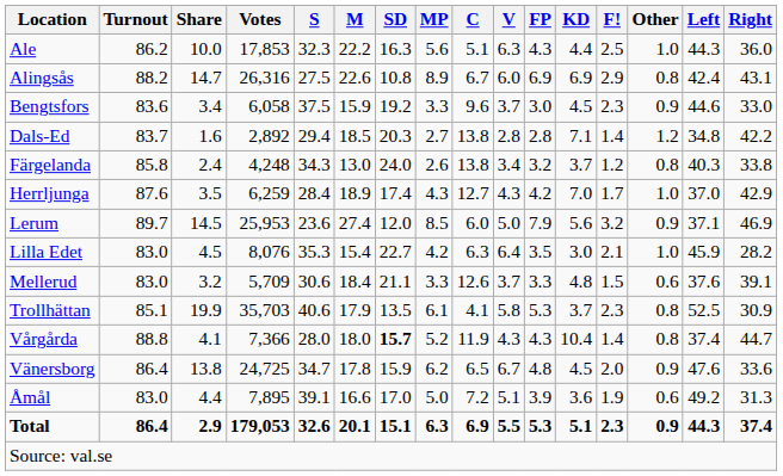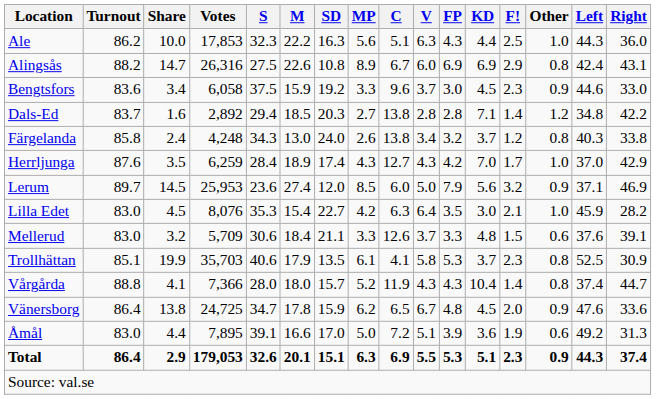 <table class="wikitable sortable" style=text-align:right>
 <tr>
 <th>Location</th>
 <th>Turnout</th>
 <th>Share</th>
 <th>Votes</th>
 <th><a href='#'>S</a></th>
 <th><a href='#'>M</a></th>
 <th><a href='#'>SD</a></th>
 <th><a href='#'>MP</a></th>
 <th><a href='#'>C</a></th>
 <th><a href='#'>V</a></th>
 <th><a href='#'>FP</a></th>
 <th><a href='#'>KD</a></th>
 <th><a href='#'>F!</a></th>
 <th>Other</th>
 <th><a href='#'>Left</a></th>
 <th><a href='#'>Right</a></th>
 </tr>
 <tr>
 <td align=left><a href='#'>Ale</a></td>
 <td>86.2</td>
 <td>10.0</td>
 <td>17,853</td>
 <td>32.3</td>
 <td>22.2</td>
 <td>16.3</td>
 <td>5.6</td>
 <td>5.1</td>
 <td>6.3</td>
 <td>4.3</td>
 <td>4.4</td>
 <td>2.5</td>
 <td>1.0</td>
 <td>44.3</td>
 <td>36.0</td>
 </tr>
 <tr>
 <td align=left><a href='#'>Alingsås</a></td>
 <td>88.2</td>
 <td>14.7</td>
 <td>26,316</td>
 <td>27.5</td>
 <td>22.6</td>
 <td>10.8</td>
 <td>8.9</td>
 <td>6.7</td>
 <td>6.0</td>
 <td>6.9</td>
 <td>6.9</td>
 <td>2.9</td>
 <td>0.8</td>
 <td>42.4</td>
 <td>43.1</td>
 </tr>
 <tr>
 <td align=left><a href='#'>Bengtsfors</a></td>
 <td>83.6</td>
 <td>3.4</td>
 <td>6,058</td>
 <td>37.5</td>
 <td>15.9</td>
 <td>19.2</td>
 <td>3.3</td>
 <td>9.6</td>
 <td>3.7</td>
 <td>3.0</td>
 <td>4.5</td>
 <td>2.3</td>
 <td>0.9</td>
 <td>44.6</td>
 <td>33.0</td>
 </tr>
 <tr>
 <td align=left><a href='#'>Dals-Ed</a></td>
 <td>83.7</td>
 <td>1.6</td>
 <td>2,892</td>
 <td>29.4</td>
 <td>18.5</td>
 <td>20.3</td>
 <td>2.7</td>
 <td>13.8</td>
 <td>2.8</td>
 <td>2.8</td>
 <td>7.1</td>
 <td>1.4</td>
 <td>1.2</td>
 <td>34.8</td>
 <td>42.2</td>
 </tr>
 <tr>
 <td align=left><a href='#'>Färgelanda</a></td>
 <td>85.8</td>
 <td>2.4</td>
 <td>4,248</td>
 <td>34.3</td>
 <td>13.0</td>
 <td>24.0</td>
 <td>2.6</td>
 <td>13.8</td>
 <td>3.4</td>
 <td>3.2</td>
 <td>3.7</td>
 <td>1.2</td>
 <td>0.8</td>
 <td>40.3</td>
 <td>33.8</td>
 </tr>
 <tr>
 <td align=left><a href='#'>Herrljunga</a></td>
 <td>87.6</td>
 <td>3.5</td>
 <td>6,259</td>
 <td>28.4</td>
 <td>18.9</td>
 <td>17.4</td>
 <td>4.3</td>
 <td>12.7</td>
 <td>4.3</td>
 <td>4.2</td>
 <td>7.0</td>
 <td>1.7</td>
 <td>1.0</td>
 <td>37.0</td>
 <td>42.9</td>
 </tr>
 <tr>
 <td align=left><a href='#'>Lerum</a></td>
 <td>89.7</td>
 <td>14.5</td>
 <td>25,953</td>
 <td>23.6</td>
 <td>27.4</td>
 <td>12.0</td>
 <td>8.5</td>
 <td>6.0</td>
 <td>5.0</td>
 <td>7.9</td>
 <td>5.6</td>
 <td>3.2</td>
 <td>0.9</td>
 <td>37.1</td>
 <td>46.9</td>
 </tr>
 <tr>
 <td align=left><a href='#'>Lilla Edet</a></td>
 <td>83.0</td>
 <td>4.5</td>
 <td>8,076</td>
 <td>35.3</td>
 <td>15.4</td>
 <td>22.7</td>
 <td>4.2</td>
 <td>6.3</td>
 <td>6.4</td>
 <td>3.5</td>
 <td>3.0</td>
 <td>2.1</td>
 <td>1.0</td>
 <td>45.9</td>
 <td>28.2</td>
 </tr>
 <tr>
 <td align=left><a href='#'>Mellerud</a></td>
 <td>83.0</td>
 <td>3.2</td>
 <td>5,709</td>
 <td>30.6</td>
 <td>18.4</td>
 <td>21.1</td>
 <td>3.3</td>
 <td>12.6</td>
 <td>3.7</td>
 <td>3.3</td>
 <td>4.8</td>
 <td>1.5</td>
 <td>0.6</td>
 <td>37.6</td>
 <td>39.1</td>
 </tr>
 <tr>
 <td align=left><a href='#'>Trollhättan</a></td>
 <td>85.1</td>
 <td>19.9</td>
 <td>35,703</td>
 <td>40.6</td>
 <td>17.9</td>
 <td>13.5</td>
 <td>6.1</td>
 <td>4.1</td>
 <td>5.8</td>
 <td>5.3</td>
 <td>3.7</td>
 <td>2.3</td>
 <td>0.8</td>
 <td>52.5</td>
 <td>30.9</td>
 </tr>
 <tr>
 <td align=left><a href='#'>Vårgårda</a></td>
 <td>88.8</td>
 <td>4.1</td>
 <td>7,366</td>
 <td>28.0</td>
 <td>18.0</td>
-<td><strong>15.7</strong></td>
+<td>15.7</td>
 <td>5.2</td>
 <td>11.9</td>
 <td>4.3</td>
 <td>4.3</td>
 <td>10.4</td>
 <td>1.4</td>
 <td>0.8</td>
 <td>37.4</td>
 <td>44.7</td>
 </tr>
 <tr>
 <td align=left><a href='#'>Vänersborg</a></td>
 <td>86.4</td>
 <td>13.8</td>
 <td>24,725</td>
 <td>34.7</td>
 <td>17.8</td>
 <td>15.9</td>
 <td>6.2</td>
 <td>6.5</td>
 <td>6.7</td>
 <td>4.8</td>
 <td>4.5</td>
 <td>2.0</td>
 <td>0.9</td>
 <td>47.6</td>
 <td>33.6</td>
 </tr>
 <tr>
 <td align=left><a href='#'>Åmål</a></td>
 <td>83.0</td>
 <td>4.4</td>
 <td>7,895</td>
 <td>39.1</td>
 <td>16.6</td>
 <td>17.0</td>
 <td>5.0</td>
 <td>7.2</td>
 <td>5.1</td>
 <td>3.9</td>
 <td>3.6</td>
 <td>1.9</td>
 <td>0.6</td>
 <td>49.2</td>
 <td>31.3</td>
 </tr>
 <tr>
 <td align=left><strong>Total</strong></td>
 <td><strong>86.4</strong></td>
 <td><strong>2.9</strong></td>
 <td><strong>179,053</strong></td>
 <td><strong>32.6</strong></td>
 <td><strong>20.1</strong></td>
 <td><strong>15.1</strong></td>
 <td><strong>6.3</strong></td>
 <td><strong>6.9</strong></td>
 <td><strong>5.5</strong></td>
 <td><strong>5.3</strong></td>
 <td><strong>5.1</strong></td>
 <td><strong>2.3</strong></td>
 <td><strong>0.9</strong></td>
 <td><strong>44.3</strong></td>
 <td><strong>37.4</strong></td>
 </tr>
 <tr>
 <td align=left colspan=16>Source: val.se </td>
 </tr>
 </table>
